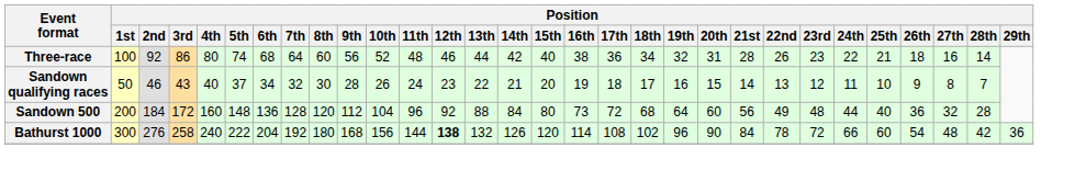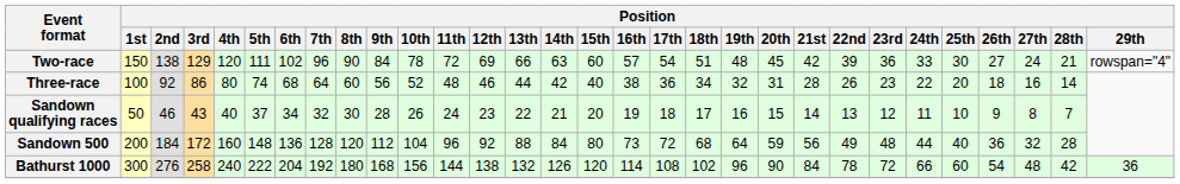 <table class="wikitable" style="font-size:85%; text-align:center">
 <tr style="background:#f9f9f9">
 <th rowspan="2">Event<br>format</th>
 <th colspan="29">Position</th>
 </tr>
 <tr>
 <th>1st</th>
 <th>2nd</th>
 <th>3rd</th>
 <th>4th</th>
 <th>5th</th>
 <th>6th</th>
 <th>7th</th>
 <th>8th</th>
 <th>9th</th>
 <th>10th</th>
 <th>11th</th>
 <th>12th</th>
 <th>13th</th>
 <th>14th</th>
 <th>15th</th>
 <th>16th</th>
 <th>17th</th>
 <th>18th</th>
 <th>19th</th>
 <th>20th</th>
 <th>21st</th>
 <th>22nd</th>
 <th>23rd</th>
 <th>24th</th>
 <th>25th</th>
 <th>26th</th>
 <th>27th</th>
 <th>28th</th>
 <th>29th</th>
 </tr>
 <tr>
+<th>Two-race</th>
+<td style="background:#ffffbf;">150</td>
+<td style="background:#dfdfdf;">138</td>
+<td style="background:#ffdf9f;">129</td>
+<td style="background:#dfffdf;">120</td>
+<td style="background:#dfffdf;">111</td>
+<td style="background:#dfffdf;">102</td>
+<td style="background:#dfffdf;">96</td>
+<td style="background:#dfffdf;">90</td>
+<td style="background:#dfffdf;">84</td>
+<td style="background:#dfffdf;">78</td>
+<td style="background:#dfffdf;">72</td>
+<td style="background:#dfffdf;">69</td>
+<td style="background:#dfffdf;">66</td>
+<td style="background:#dfffdf;">63</td>
+<td style="background:#dfffdf;">60</td>
+<td style="background:#dfffdf;">57</td>
+<td style="background:#dfffdf;">54</td>
+<td style="background:#dfffdf;">51</td>
+<td style="background:#dfffdf;">48</td>
+<td style="background:#dfffdf;">45</td>
+<td style="background:#dfffdf;">42</td>
+<td style="background:#dfffdf;">39</td>
+<td style="background:#dfffdf;">36</td>
+<td style="background:#dfffdf;">33</td>
+<td style="background:#dfffdf;">30</td>
+<td style="background:#dfffdf;">27</td>
+<td style="background:#dfffdf;">24</td>
+<td style="background:#dfffdf;">21</td>
+<td>rowspan="4" </td>
+</tr>
+<tr>
 <th>Three-race</th>
 <td style="background:#ffffbf;">100</td>
 <td style="background:#dfdfdf;">92</td>
 <td style="background:#ffdf9f;">86</td>
 <td style="background:#dfffdf;">80</td>
 <td style="background:#dfffdf;">74</td>
 <td style="background:#dfffdf;">68</td>
 <td style="background:#dfffdf;">64</td>
 <td style="background:#dfffdf;">60</td>
 <td style="background:#dfffdf;">56</td>
 <td style="background:#dfffdf;">52</td>
 <td style="background:#dfffdf;">48</td>
 <td style="background:#dfffdf;">46</td>
 <td style="background:#dfffdf;">44</td>
 <td style="background:#dfffdf;">42</td>
 <td style="background:#dfffdf;">40</td>
 <td style="background:#dfffdf;">38</td>
 <td style="background:#dfffdf;">36</td>
 <td style="background:#dfffdf;">34</td>
 <td style="background:#dfffdf;">32</td>
 <td style="background:#dfffdf;">31</td>
 <td style="background:#dfffdf;">28</td>
 <td style="background:#dfffdf;">26</td>
 <td style="background:#dfffdf;">23</td>
 <td style="background:#dfffdf;">22</td>
-<td style="background:#dfffdf;">21</td>
+<td style="background:#dfffdf;">20</td>
 <td style="background:#dfffdf;">18</td>
 <td style="background:#dfffdf;">16</td>
 <td style="background:#dfffdf;">14</td>
 </tr>
 <tr>
 <th nowrap>Sandown<br>qualifying races</th>
 <td style="background:#ffffbf;">50</td>
 <td style="background:#dfdfdf;">46</td>
 <td style="background:#ffdf9f;">43</td>
 <td style="background:#dfffdf;">40</td>
 <td style="background:#dfffdf;">37</td>
 <td style="background:#dfffdf;">34</td>
 <td style="background:#dfffdf;">32</td>
 <td style="background:#dfffdf;">30</td>
 <td style="background:#dfffdf;">28</td>
 <td style="background:#dfffdf;">26</td>
 <td style="background:#dfffdf;">24</td>
 <td style="background:#dfffdf;">23</td>
 <td style="background:#dfffdf;">22</td>
 <td style="background:#dfffdf;">21</td>
 <td style="background:#dfffdf;">20</td>
 <td style="background:#dfffdf;">19</td>
 <td style="background:#dfffdf;">18</td>
 <td style="background:#dfffdf;">17</td>
 <td style="background:#dfffdf;">16</td>
 <td style="background:#dfffdf;">15</td>
 <td style="background:#dfffdf;">14</td>
 <td style="background:#dfffdf;">13</td>
 <td style="background:#dfffdf;">12</td>
 <td style="background:#dfffdf;">11</td>
 <td style="background:#dfffdf;">10</td>
 <td style="background:#dfffdf;">9</td>
 <td style="background:#dfffdf;">8</td>
 <td style="background:#dfffdf;">7</td>
 </tr>
 <tr>
 <th>Sandown 500</th>
 <td style="background:#ffffbf;">200</td>
 <td style="background:#dfdfdf;">184</td>
 <td style="background:#ffdf9f;">172</td>
 <td style="background:#dfffdf;">160</td>
 <td style="background:#dfffdf;">148</td>
 <td style="background:#dfffdf;">136</td>
 <td style="background:#dfffdf;">128</td>
 <td style="background:#dfffdf;">120</td>
 <td style="background:#dfffdf;">112</td>
 <td style="background:#dfffdf;">104</td>
 <td style="background:#dfffdf;">96</td>
 <td style="background:#dfffdf;">92</td>
 <td style="background:#dfffdf;">88</td>
 <td style="background:#dfffdf;">84</td>
 <td style="background:#dfffdf;">80</td>
 <td style="background:#dfffdf;">73</td>
 <td style="background:#dfffdf;">72</td>
 <td style="background:#dfffdf;">68</td>
 <td style="background:#dfffdf;">64</td>
-<td style="background:#dfffdf;">60</td>
+<td style="background:#dfffdf;">59</td>
 <td style="background:#dfffdf;">56</td>
 <td style="background:#dfffdf;">49</td>
 <td style="background:#dfffdf;">48</td>
 <td style="background:#dfffdf;">44</td>
 <td style="background:#dfffdf;">40</td>
 <td style="background:#dfffdf;">36</td>
 <td style="background:#dfffdf;">32</td>
 <td style="background:#dfffdf;">28</td>
 </tr>
 <tr>
 <th>Bathurst 1000</th>
 <td style="background:#ffffbf;">300</td>
 <td style="background:#dfdfdf;">276</td>
 <td style="background:#ffdf9f;">258</td>
 <td style="background:#dfffdf;">240</td>
 <td style="background:#dfffdf;">222</td>
 <td style="background:#dfffdf;">204</td>
 <td style="background:#dfffdf;">192</td>
 <td style="background:#dfffdf;">180</td>
 <td style="background:#dfffdf;">168</td>
 <td style="background:#dfffdf;">156</td>
 <td style="background:#dfffdf;">144</td>
-<td style="background:#dfffdf;"><strong>138</strong></td>
+<td style="background:#dfffdf;">138</td>
 <td style="background:#dfffdf;">132</td>
 <td style="background:#dfffdf;">126</td>
 <td style="background:#dfffdf;">120</td>
 <td style="background:#dfffdf;">114</td>
 <td style="background:#dfffdf;">108</td>
 <td style="background:#dfffdf;">102</td>
 <td style="background:#dfffdf;">96</td>
 <td style="background:#dfffdf;">90</td>
 <td style="background:#dfffdf;">84</td>
 <td style="background:#dfffdf;">78</td>
 <td style="background:#dfffdf;">72</td>
 <td style="background:#dfffdf;">66</td>
 <td style="background:#dfffdf;">60</td>
 <td style="background:#dfffdf;">54</td>
 <td style="background:#dfffdf;">48</td>
 <td style="background:#dfffdf;">42</td>
 <td style="background:#dfffdf;">36</td>
 </tr>
 <tr>
 </tr>
 </table>
